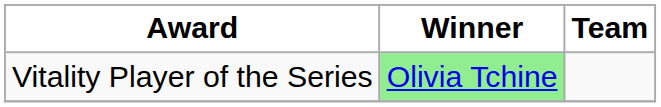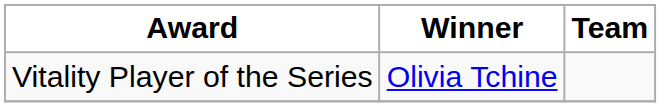 <table class="wikitable collapsible">
 <tr>
 <th style="background:white;">Award</th>
 <th style="background:white;">Winner</th>
 <th style="background:white;">Team</th>
 </tr>
 <tr>
 <td>Vitality Player of the Series</td>
-<td style="background: lightgreen;"><a href='#'>Olivia Tchine</a></td>
+<td><a href='#'>Olivia Tchine</a></td>
 <td></td>
 </tr>
 <tr>
 </tr>
 </table>
